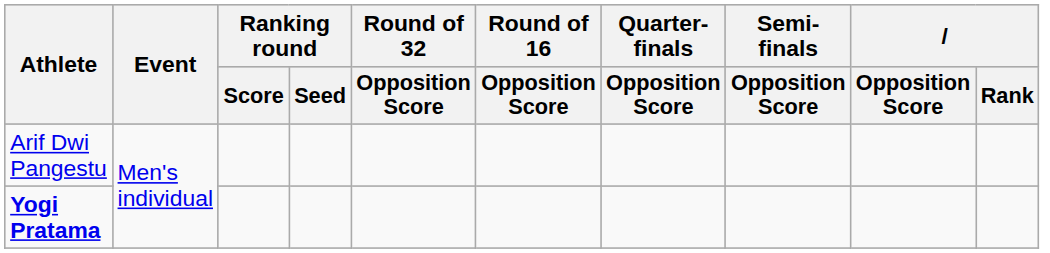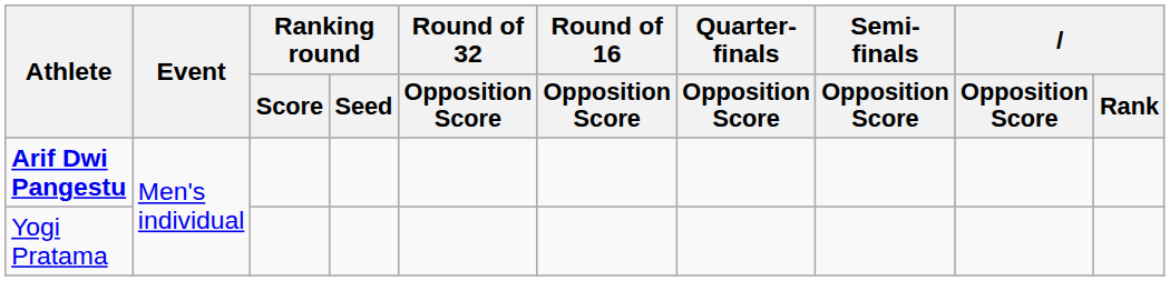 <table class="wikitable" style="font-size:90%">
 <tr>
 <th rowspan=2>Athlete</th>
 <th rowspan=2>Event</th>
 <th colspan="2">Ranking round</th>
 <th>Round of 32</th>
 <th>Round of 16</th>
 <th>Quarter-finals</th>
 <th>Semi-finals</th>
 <th colspan="2"> / </th>
 </tr>
 <tr style="font-size:95%">
 <th>Score</th>
 <th>Seed</th>
 <th>Opposition<br>Score</th>
 <th>Opposition<br>Score</th>
 <th>Opposition<br>Score</th>
 <th>Opposition<br>Score</th>
 <th>Opposition<br>Score</th>
 <th>Rank</th>
 </tr>
 <tr align=center>
-<td align=left><a href='#'>Arif Dwi Pangestu</a></td>
+<td align=left><strong><a href='#'>Arif Dwi Pangestu</a></strong></td>
 <td align=left rowspan=2><a href='#'>Men's individual</a></td>
 <td></td>
 <td></td>
 <td></td>
 <td></td>
 <td></td>
 <td></td>
 <td></td>
 <td></td>
 </tr>
 <tr align=center>
-<td align=left><strong><a href='#'>Yogi Pratama</a></strong></td>
+<td align=left><a href='#'>Yogi Pratama</a></td>
 <td></td>
 <td></td>
 <td></td>
 <td></td>
 <td></td>
 <td></td>
 <td></td>
 <td></td>
 </tr>
 </table>
